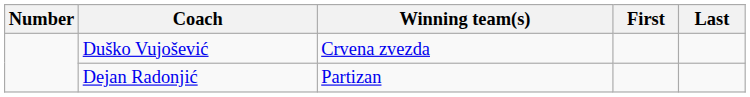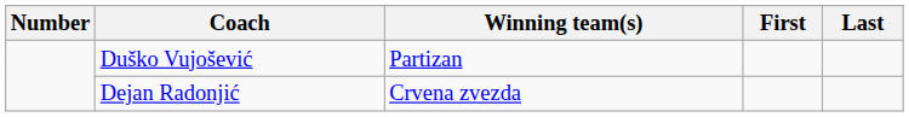 <table class="wikitable">
 <tr>
 <th>Number</th>
 <th style="width:200px">Coach</th>
 <th style="width:250px">Winning team(s)</th>
 <th style="width:50px">First</th>
 <th style="width:50px">Last</th>
 </tr>
 <tr>
 <td rowspan=2></td>
 <td> <a href='#'>Duško Vujošević</a></td>
-<td> <a href='#'>Crvena zvezda</a></td>
+<td> <a href='#'>Partizan</a></td>
 <td></td>
 <td></td>
 </tr>
 <tr>
 <td> <a href='#'>Dejan Radonjić</a></td>
-<td> <a href='#'>Partizan</a></td>
+<td> <a href='#'>Crvena zvezda</a></td>
 <td></td>
 <td></td>
 </tr>
 </table>
